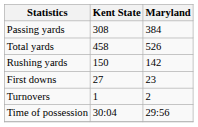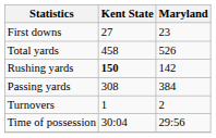 <table class="wikitable">
 <tr>
 <th>Statistics</th>
 <th>Kent State</th>
 <th>Maryland</th>
 </tr>
 <tr>
-<td>Passing yards</td>
-<td>308</td>
-<td>384</td>
+<td>First downs</td>
+<td>27</td>
+<td>23</td>
 </tr>
 <tr>
 <td>Total yards</td>
 <td>458</td>
 <td>526</td>
 </tr>
 <tr>
 <td>Rushing yards</td>
-<td>150</td>
+<td><strong>150</strong></td>
 <td>142</td>
 </tr>
 <tr>
-<td>First downs</td>
-<td>27</td>
-<td>23</td>
+<td>Passing yards</td>
+<td>308</td>
+<td>384</td>
 </tr>
 <tr>
 <td>Turnovers</td>
 <td>1</td>
 <td>2</td>
 </tr>
 <tr>
 <td>Time of possession</td>
 <td>30:04</td>
 <td>29:56</td>
 </tr>
 <tr>
 </tr>
 </table>
